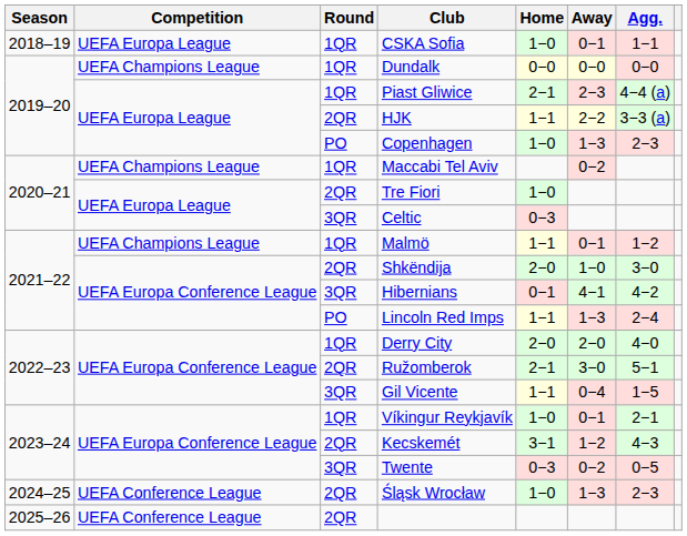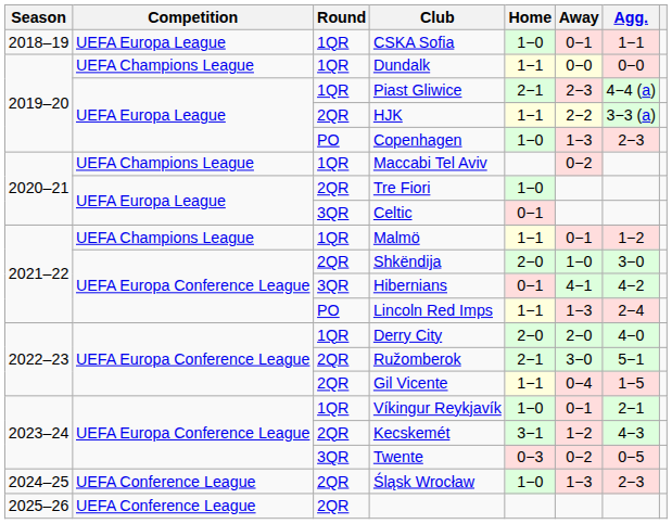 <table class="wikitable mw-collapsible mw-collapsed" align=center cellspacing="0" cellpadding="3" style="border:1px solid #AAAAAA;font-size:90%">
 <tr>
 <th>Season</th>
 <th>Competition</th>
 <th>Round</th>
 <th>Club</th>
 <th>Home</th>
 <th>Away</th>
 <th><a href='#'>Agg.</a></th>
 <th></th>
 </tr>
 <tr>
 <td>2018–19</td>
 <td><a href='#'>UEFA Europa League</a></td>
 <td><a href='#'>1QR</a></td>
 <td> <a href='#'>CSKA Sofia</a></td>
 <td style="text-align:center; background:#dfd">1−0</td>
 <td style="text-align:center; background:#fdd">0−1</td>
 <td style="text-align:center; background:#fdd">1−1</td>
 <td></td>
 </tr>
 <tr>
 <td rowspan="4">2019–20</td>
 <td rowspan="1"><a href='#'>UEFA Champions League</a></td>
 <td><a href='#'>1QR</a></td>
 <td> <a href='#'>Dundalk</a></td>
-<td style="text-align:center; background:#ffd">0−0</td>
+<td style="text-align:center; background:#ffd">1−1</td>
 <td style="text-align:center; background:#ffd">0−0</td>
 <td style="text-align:center; background:#fdd">0−0</td>
 <td></td>
 </tr>
 <tr>
 <td rowspan="3"><a href='#'>UEFA Europa League</a></td>
 <td><a href='#'>1QR</a></td>
 <td> <a href='#'>Piast Gliwice</a></td>
 <td style="text-align:center; background:#dfd">2−1</td>
 <td style="text-align:center; background:#fdd">2−3</td>
 <td style="text-align:center; background:#dfd">4−4 (<a href='#'>a</a>)</td>
 <td></td>
 </tr>
 <tr>
 <td><a href='#'>2QR</a></td>
 <td> <a href='#'>HJK</a></td>
 <td style="text-align:center; background:#ffd">1−1</td>
 <td style="text-align:center; background:#ffd">2−2</td>
 <td style="text-align:center; background:#dfd">3−3 (<a href='#'>a</a>)</td>
 <td></td>
 </tr>
 <tr>
 <td><a href='#'>PO</a></td>
 <td> <a href='#'>Copenhagen</a></td>
 <td style="text-align:center; background:#dfd">1−0</td>
 <td style="text-align:center; background:#fdd">1−3</td>
 <td style="text-align:center; background:#fdd">2−3</td>
 <td></td>
 </tr>
 <tr>
 <td rowspan="3">2020–21</td>
 <td><a href='#'>UEFA Champions League</a></td>
 <td><a href='#'>1QR</a></td>
 <td> <a href='#'>Maccabi Tel Aviv</a></td>
 <td></td>
 <td style="text-align:center; background:#fdd">0−2</td>
 <td></td>
 <td></td>
 </tr>
 <tr>
 <td rowspan="2"><a href='#'>UEFA Europa League</a></td>
 <td><a href='#'>2QR</a></td>
 <td> <a href='#'>Tre Fiori</a></td>
 <td style="text-align:center; background:#dfd">1−0</td>
 <td></td>
 <td></td>
 <td></td>
 </tr>
 <tr>
 <td><a href='#'>3QR</a></td>
 <td> <a href='#'>Celtic</a></td>
-<td style="text-align:center; background:#fdd">0−3</td>
+<td style="text-align:center; background:#fdd">0−1</td>
 <td></td>
 <td></td>
 <td></td>
 </tr>
 <tr>
 <td rowspan="4">2021–22</td>
 <td><a href='#'>UEFA Champions League</a></td>
 <td><a href='#'>1QR</a></td>
 <td> <a href='#'>Malmö</a></td>
 <td style="text-align:center; background:#ffd">1−1</td>
 <td style="text-align:center; background:#fdd">0−1</td>
 <td style="text-align:center; background:#fdd">1−2</td>
 <td></td>
 </tr>
 <tr>
 <td rowspan="3"><a href='#'>UEFA Europa Conference League</a></td>
 <td><a href='#'>2QR</a></td>
 <td> <a href='#'>Shkëndija</a></td>
 <td style="text-align:center; background:#dfd">2−0</td>
 <td style="text-align:center; background:#dfd">1−0</td>
 <td style="text-align:center; background:#dfd">3−0</td>
 <td></td>
 </tr>
 <tr>
 <td><a href='#'>3QR</a></td>
 <td> <a href='#'>Hibernians</a></td>
 <td style="text-align:center; background:#fdd">0−1</td>
 <td style="text-align:center; background:#dfd">4−1 </td>
 <td style="text-align:center; background:#dfd">4−2</td>
 <td></td>
 </tr>
 <tr>
 <td><a href='#'>PO</a></td>
 <td> <a href='#'>Lincoln Red Imps</a></td>
 <td style="text-align:center; background:#ffd">1−1</td>
 <td style="text-align:center; background:#fdd">1−3 </td>
 <td style="text-align:center; background:#fdd">2−4</td>
 <td></td>
 </tr>
 <tr>
 <td rowspan=3>2022–23</td>
 <td rowspan=3><a href='#'>UEFA Europa Conference League</a></td>
 <td><a href='#'>1QR</a></td>
 <td> <a href='#'>Derry City</a></td>
 <td style="text-align:center; background:#dfd">2−0</td>
 <td style="text-align:center; background:#dfd">2−0</td>
 <td style="text-align:center; background:#dfd">4−0</td>
 <td></td>
 </tr>
 <tr>
 <td><a href='#'>2QR</a></td>
 <td> <a href='#'>Ružomberok</a></td>
 <td style="text-align:center; background:#dfd">2−1</td>
 <td style="text-align:center; background:#dfd">3−0</td>
 <td style="text-align:center; background:#dfd">5−1</td>
 <td></td>
 </tr>
 <tr>
-<td><a href='#'>3QR</a></td>
+<td><a href='#'>2QR</a></td>
 <td> <a href='#'>Gil Vicente</a></td>
 <td style="text-align:center; background:#ffd">1−1</td>
 <td style="text-align:center; background:#fdd">0−4</td>
 <td style="text-align:center; background:#fdd">1−5</td>
 <td></td>
 </tr>
 <tr>
 <td rowspan=3>2023–24</td>
 <td rowspan=3><a href='#'>UEFA Europa Conference League</a></td>
 <td><a href='#'>1QR</a></td>
 <td> <a href='#'>Víkingur Reykjavík</a></td>
 <td style="text-align:center; background:#dfd">1−0</td>
 <td style="text-align:center; background:#fdd">0−1</td>
 <td style="text-align:center; background:#dfd">2−1</td>
 <td></td>
 </tr>
 <tr>
 <td><a href='#'>2QR</a></td>
 <td> <a href='#'>Kecskemét</a></td>
 <td style="text-align:center; background:#dfd">3−1 </td>
 <td style="text-align:center; background:#fdd">1−2</td>
 <td style="text-align:center; background:#dfd">4−3</td>
 <td></td>
 </tr>
 <tr>
 <td><a href='#'>3QR</a></td>
 <td> <a href='#'>Twente</a></td>
 <td style="text-align:center; background:#fdd">0−3</td>
 <td style="text-align:center; background:#fdd">0−2</td>
 <td style="text-align:center; background:#fdd">0−5</td>
 <td></td>
 </tr>
 <tr>
 <td>2024–25</td>
 <td><a href='#'>UEFA Conference League</a></td>
 <td><a href='#'>2QR</a></td>
 <td> <a href='#'>Śląsk Wrocław</a></td>
 <td style="text-align:center; background:#dfd">1−0</td>
 <td style="text-align:center; background:#fdd">1−3</td>
 <td style="text-align:center; background:#fdd">2−3</td>
 <td></td>
 </tr>
 <tr>
 <td>2025–26</td>
 <td><a href='#'>UEFA Conference League</a></td>
 <td><a href='#'>2QR</a></td>
 <td></td>
 <td style="text-align:center;"></td>
 <td style="text-align:center;"></td>
 <td style="text-align:center;"></td>
 <td></td>
 </tr>
 </table>
